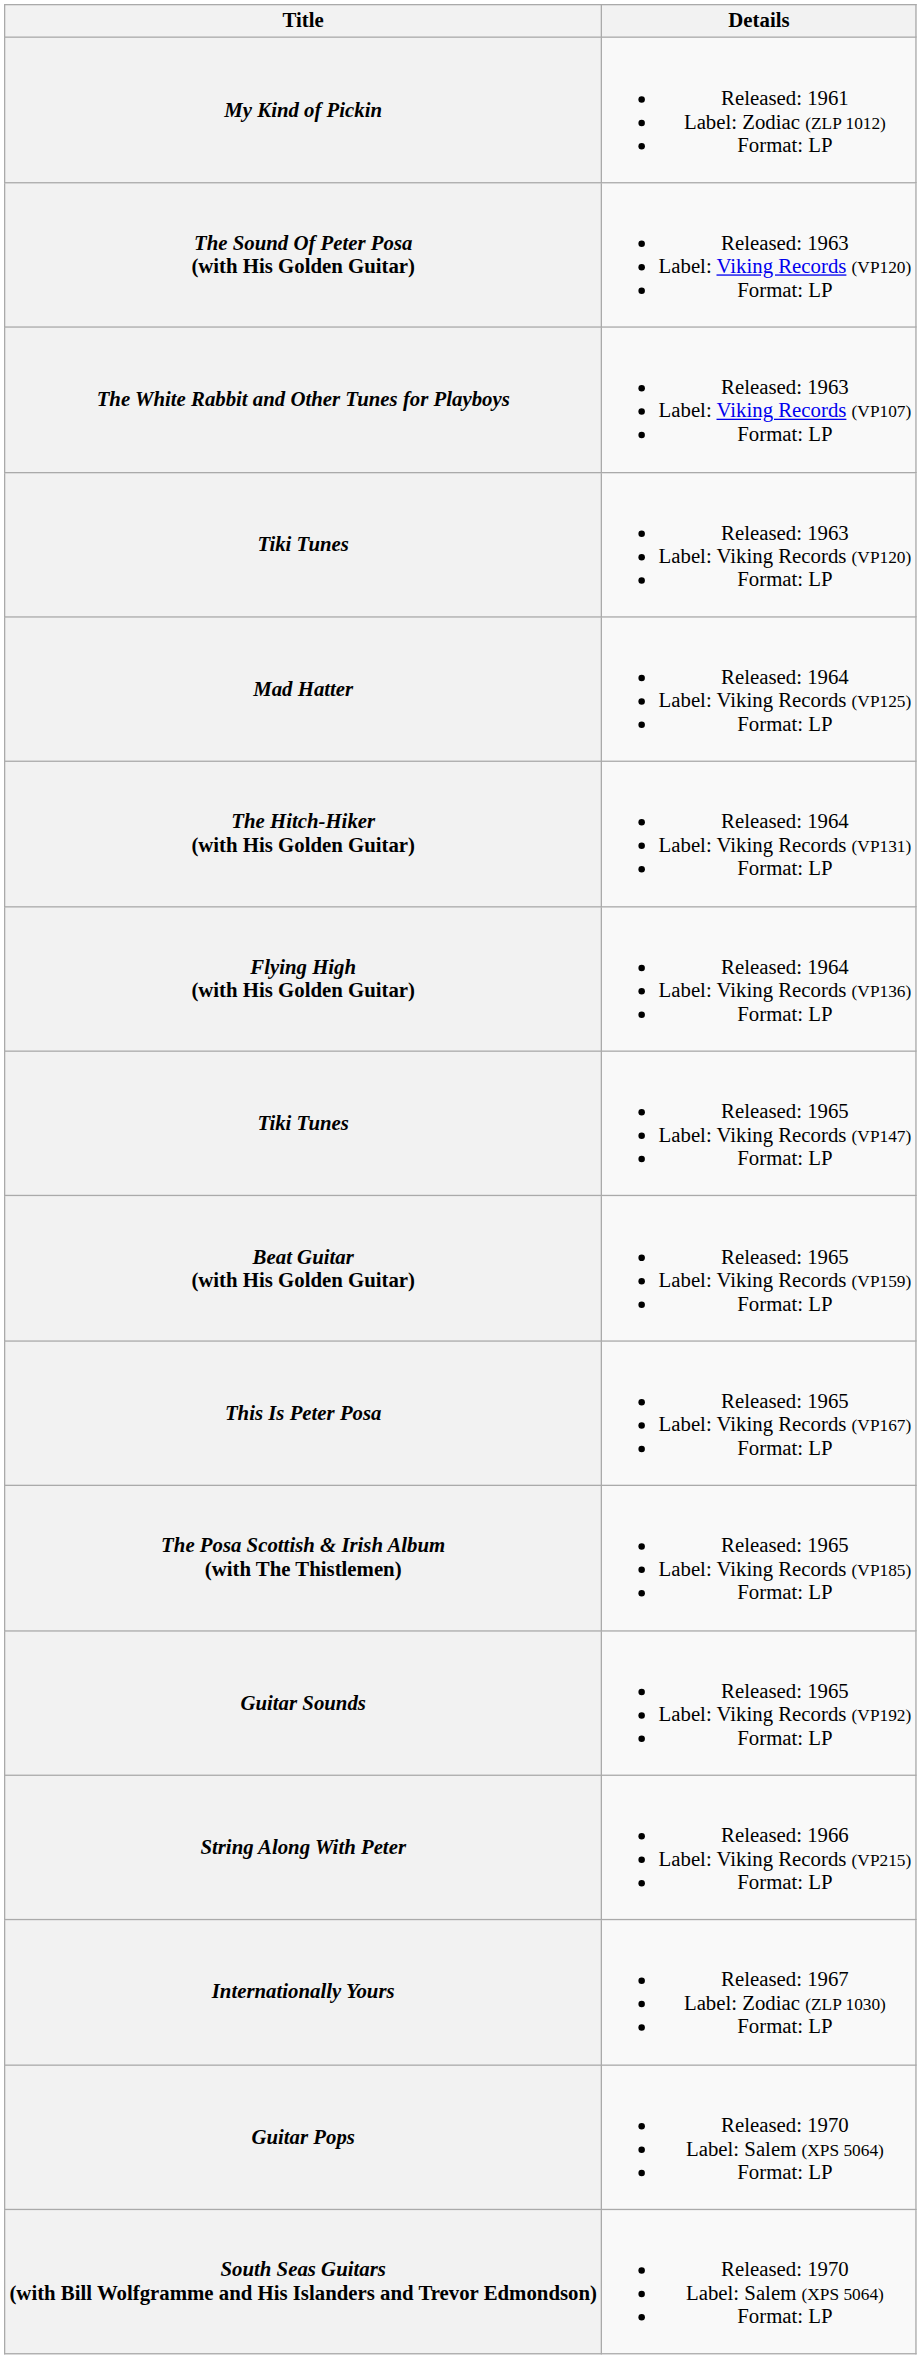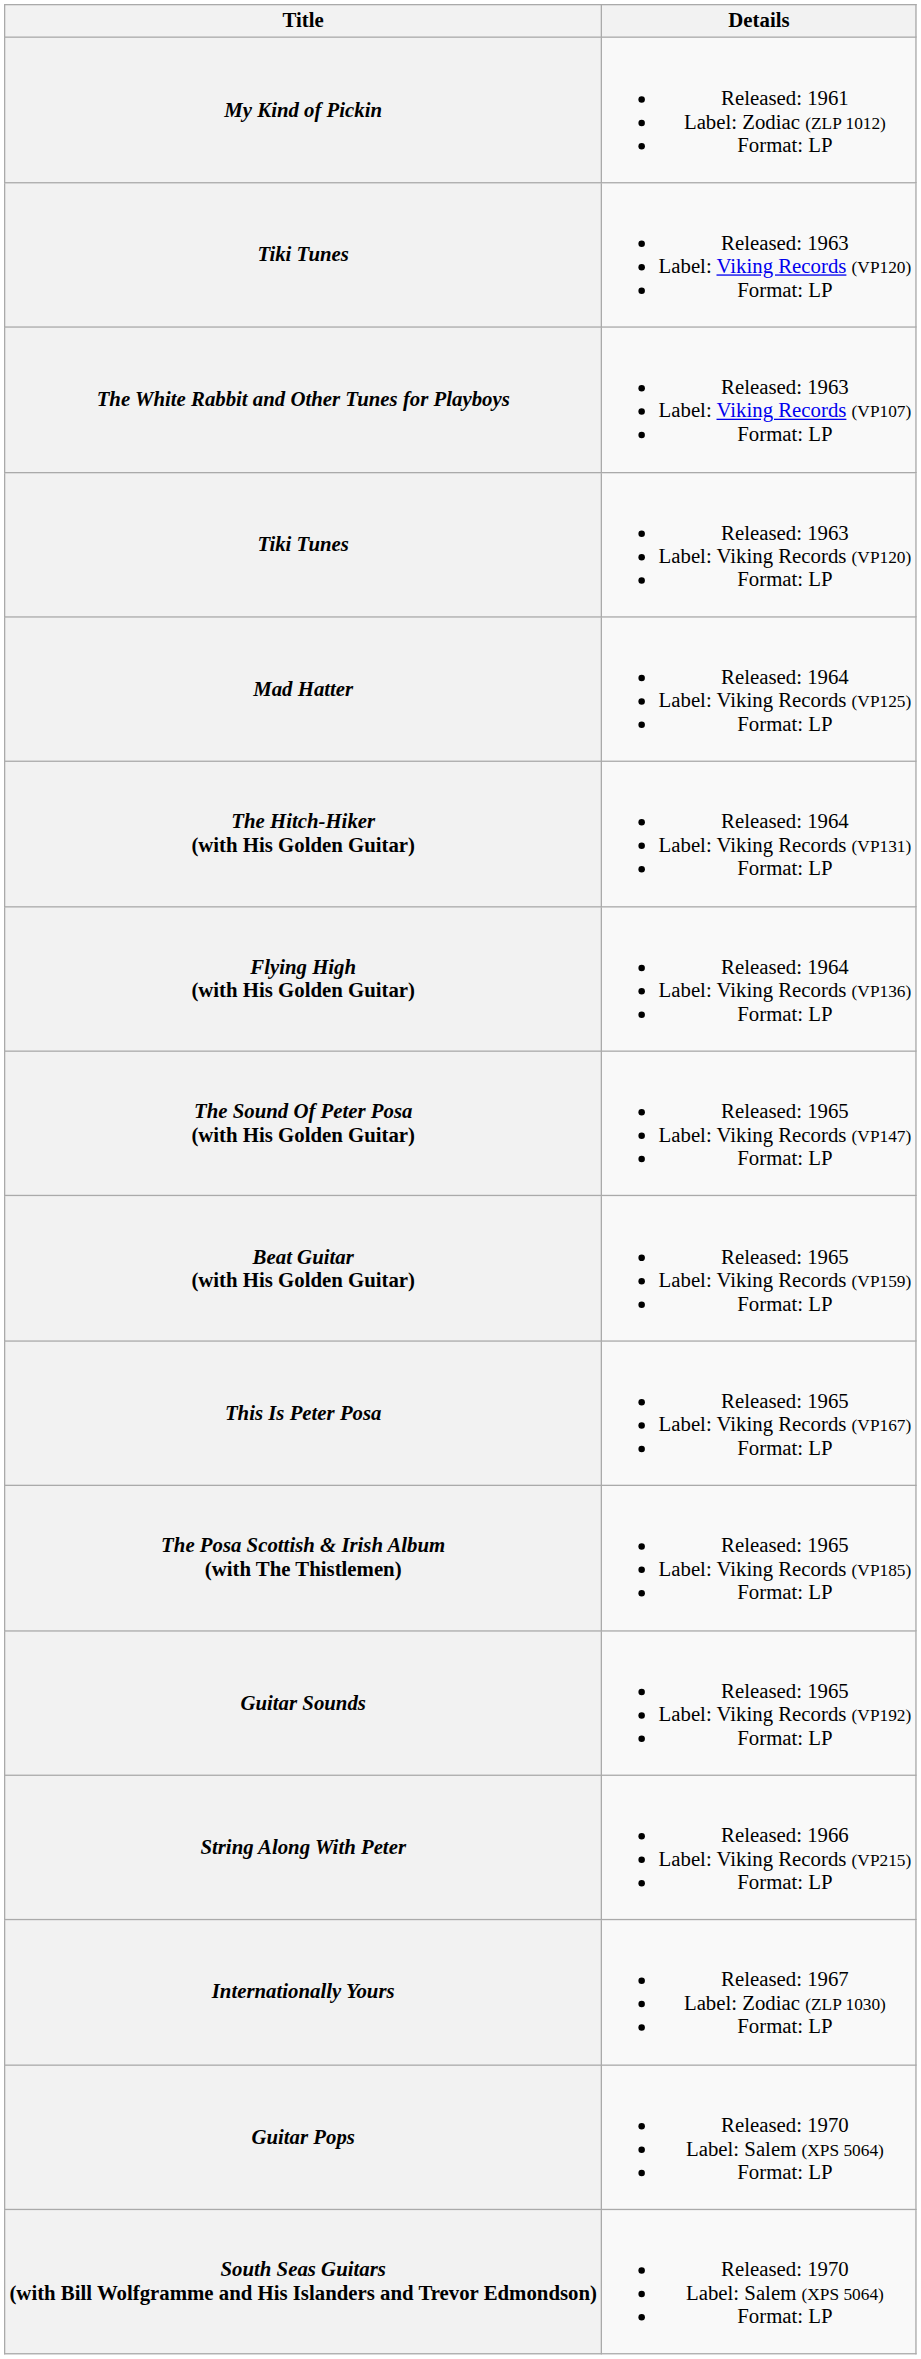 <table class="wikitable plainrowheaders" style="text-align:center;" border="1">
 <tr>
 <th>Title</th>
 <th>Details</th>
 </tr>
 <tr>
 <th scope="row"><em>My Kind of Pickin</em></th>
 <td><br><ul><li>Released: 1961</li><li>Label: Zodiac <small>(ZLP 1012)</small></li><li>Format: LP</li></ul></td>
 </tr>
 <tr>
-<th scope="row"><em>The Sound Of Peter Posa</em> <br>(with His Golden Guitar)</th>
+<th scope="row"><em>Tiki Tunes</em></th>
 <td><br><ul><li>Released: 1963</li><li>Label: <a href='#'>Viking Records</a> <small>(VP120)</small></li><li>Format: LP</li></ul></td>
 </tr>
 <tr>
 <th scope="row"><em>The White Rabbit and Other Tunes for Playboys</em></th>
 <td><br><ul><li>Released: 1963</li><li>Label: <a href='#'>Viking Records</a> <small>(VP107)</small></li><li>Format: LP</li></ul></td>
 </tr>
 <tr>
 <th scope="row"><em>Tiki Tunes</em></th>
 <td><br><ul><li>Released: 1963</li><li>Label: Viking Records <small>(VP120)</small></li><li>Format: LP</li></ul></td>
 </tr>
 <tr>
 <th scope="row"><em>Mad Hatter</em></th>
 <td><br><ul><li>Released: 1964</li><li>Label: Viking Records <small>(VP125)</small></li><li>Format: LP</li></ul></td>
 </tr>
 <tr>
 <th scope="row"><em>The Hitch-Hiker</em> <br>(with His Golden Guitar)</th>
 <td><br><ul><li>Released: 1964</li><li>Label: Viking Records <small>(VP131)</small></li><li>Format: LP</li></ul></td>
 </tr>
 <tr>
 <th scope="row"><em>Flying High</em> <br>(with His Golden Guitar)</th>
 <td><br><ul><li>Released: 1964</li><li>Label: Viking Records <small>(VP136)</small></li><li>Format: LP</li></ul></td>
 </tr>
 <tr>
-<th scope="row"><em>Tiki Tunes</em></th>
+<th scope="row"><em>The Sound Of Peter Posa</em> <br>(with His Golden Guitar)</th>
 <td><br><ul><li>Released: 1965</li><li>Label: Viking Records <small>(VP147)</small></li><li>Format: LP</li></ul></td>
 </tr>
 <tr>
 <th scope="row"><em>Beat Guitar</em> <br>(with His Golden Guitar)</th>
 <td><br><ul><li>Released: 1965</li><li>Label: Viking Records <small>(VP159)</small></li><li>Format: LP</li></ul></td>
 </tr>
 <tr>
 <th scope="row"><em>This Is Peter Posa</em></th>
 <td><br><ul><li>Released: 1965</li><li>Label: Viking Records <small>(VP167)</small></li><li>Format: LP</li></ul></td>
 </tr>
 <tr>
 <th scope="row"><em>The Posa Scottish & Irish Album</em> <br> (with The Thistlemen)</th>
 <td><br><ul><li>Released: 1965</li><li>Label: Viking Records <small>(VP185)</small></li><li>Format: LP</li></ul></td>
 </tr>
 <tr>
 <th scope="row"><em>Guitar Sounds</em></th>
 <td><br><ul><li>Released: 1965</li><li>Label: Viking Records <small>(VP192)</small></li><li>Format: LP</li></ul></td>
 </tr>
 <tr>
 <th scope="row"><em>String Along With Peter</em></th>
 <td><br><ul><li>Released: 1966</li><li>Label: Viking Records <small>(VP215)</small></li><li>Format: LP</li></ul></td>
 </tr>
 <tr>
 <th scope="row"><em>Internationally Yours</em></th>
 <td><br><ul><li>Released: 1967</li><li>Label: Zodiac	<small>(ZLP 1030)</small></li><li>Format: LP</li></ul></td>
 </tr>
 <tr>
 <th scope="row"><em>Guitar Pops</em></th>
 <td><br><ul><li>Released: 1970</li><li>Label: Salem <small>(XPS 5064)</small></li><li>Format: LP</li></ul></td>
 </tr>
 <tr>
 <th scope="row"><em>South Seas Guitars</em> <br> (with Bill Wolfgramme and His Islanders and Trevor Edmondson)</th>
 <td><br><ul><li>Released: 1970</li><li>Label: Salem <small>(XPS 5064)</small></li><li>Format: LP</li></ul></td>
 </tr>
 </table>
